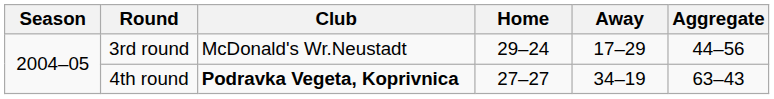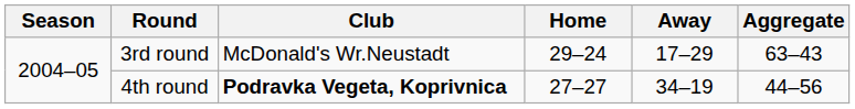 <table class="wikitable" style="text-align:center;">
 <tr>
 <th width=75px>Season</th>
 <th width=75px>Round</th>
 <th width=230px>Club</th>
 <th width=75px>Home</th>
 <th width=75px>Away</th>
 <th width=75px>Aggregate</th>
 </tr>
 <tr>
 <td rowspan="2">2004–05</td>
 <td>3rd round</td>
 <td align=left> McDonald's Wr.Neustadt</td>
 <td>29–24</td>
 <td>17–29</td>
-<td>44–56</td>
+<td>63–43</td>
 </tr>
 <tr>
 <td>4th round</td>
 <td align=left><strong> Podravka Vegeta, Koprivnica</strong></td>
 <td>27–27</td>
 <td>34–19</td>
-<td>63–43</td>
+<td>44–56</td>
 </tr>
 </table>
